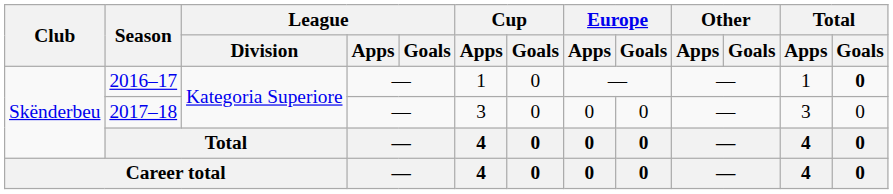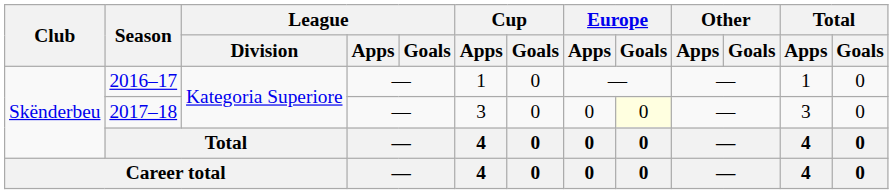 <table class="wikitable" style="text-align:center">
 <tr>
 <th rowspan="2">Club</th>
 <th rowspan="2">Season</th>
 <th colspan="3">League</th>
 <th colspan="2">Cup</th>
 <th colspan="2"><a href='#'>Europe</a></th>
 <th colspan="2">Other</th>
 <th colspan="2">Total</th>
 </tr>
 <tr>
 <th>Division</th>
 <th>Apps</th>
 <th>Goals</th>
 <th>Apps</th>
 <th>Goals</th>
 <th>Apps</th>
 <th>Goals</th>
 <th>Apps</th>
 <th>Goals</th>
 <th>Apps</th>
 <th>Goals</th>
 </tr>
 <tr>
 <td rowspan="3"><a href='#'>Skënderbeu</a></td>
 <td><a href='#'>2016–17</a></td>
 <td rowspan="2"><a href='#'>Kategoria Superiore</a></td>
 <td colspan="2">—</td>
 <td>1</td>
 <td>0</td>
 <td colspan="2">—</td>
 <td colspan="2">—</td>
 <td>1</td>
-<td><strong>0</strong></td>
+<td>0</td>
 </tr>
 <tr>
 <td><a href='#'>2017–18</a></td>
 <td colspan="2">—</td>
 <td>3</td>
 <td>0</td>
 <td>0</td>
-<td>0</td>
+<td style="background: lightyellow;">0</td>
 <td colspan="2">—</td>
 <td>3</td>
 <td>0</td>
 </tr>
 <tr>
 <th colspan="2">Total</th>
 <th colspan="2">—</th>
 <th>4</th>
 <th>0</th>
 <th>0</th>
 <th>0</th>
 <th colspan="2">—</th>
 <th>4</th>
 <th>0</th>
 </tr>
 <tr>
 <th colspan="3">Career total</th>
 <th colspan="2">—</th>
 <th>4</th>
 <th>0</th>
 <th>0</th>
 <th>0</th>
 <th colspan="2">—</th>
 <th>4</th>
 <th>0</th>
 </tr>
 </table>
